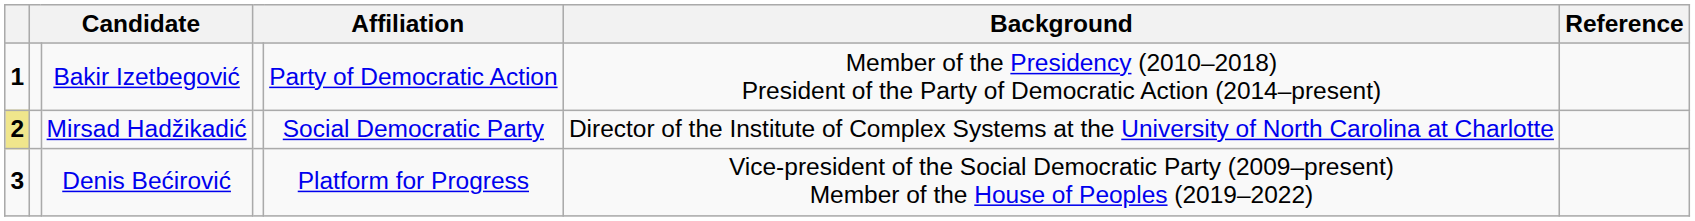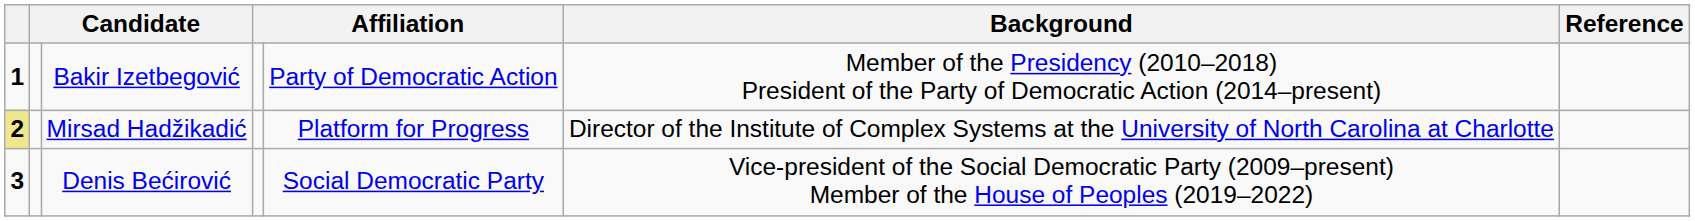 <table class="wikitable" style="text-align:center">
 <tr>
 <th></th>
 <th colspan="2">Candidate</th>
 <th colspan="2">Affiliation</th>
 <th>Background</th>
 <th>Reference</th>
 </tr>
 <tr>
 <td><strong>1</strong></td>
 <td></td>
 <td><a href='#'>Bakir Izetbegović</a></td>
 <td style="background:"></td>
 <td><a href='#'>Party of Democratic Action</a></td>
 <td>Member of the <a href='#'>Presidency</a> (2010–2018) <br> President of the Party of Democratic Action (2014–present)</td>
 <td></td>
 </tr>
 <tr>
 <td style="background: khaki;"><strong>2</strong></td>
 <td></td>
 <td><a href='#'>Mirsad Hadžikadić</a></td>
 <td style="background:"></td>
-<td><a href='#'>Social Democratic Party</a></td>
+<td><a href='#'>Platform for Progress</a></td>
 <td>Director of the Institute of Complex Systems at the <a href='#'>University of North Carolina at Charlotte</a></td>
 <td></td>
 </tr>
 <tr>
 <td><strong>3</strong></td>
 <td></td>
 <td><a href='#'>Denis Bećirović</a></td>
 <td style="background:"></td>
-<td><a href='#'>Platform for Progress</a></td>
+<td><a href='#'>Social Democratic Party</a></td>
 <td>Vice-president of the Social Democratic Party (2009–present) <br> Member of the <a href='#'>House of Peoples</a> (2019–2022)</td>
 <td></td>
 </tr>
 </table>
